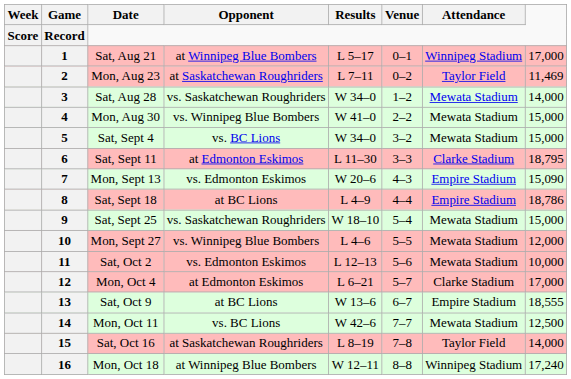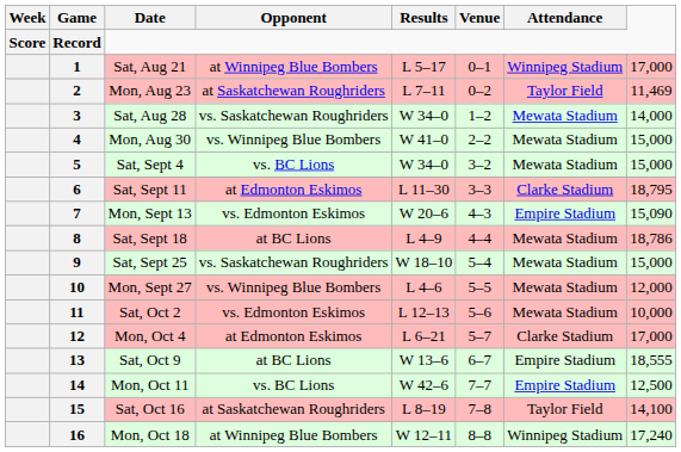 <table class="wikitable" style="text-align:center">
 <tr>
 <th>Week</th>
 <th>Game</th>
 <th>Date</th>
 <th>Opponent</th>
 <th>Results</th>
 <th>Venue</th>
 <th>Attendance</th>
 </tr>
 <tr>
 <th>Score</th>
 <th>Record</th>
 </tr>
 <tr style="background:#ffbbbb">
 <th></th>
 <th>1</th>
 <td>Sat, Aug 21</td>
 <td>at <a href='#'>Winnipeg Blue Bombers</a></td>
 <td>L 5–17</td>
 <td>0–1</td>
 <td><a href='#'>Winnipeg Stadium</a></td>
 <td>17,000</td>
 </tr>
 <tr style="background:#ffbbbb">
 <th></th>
 <th>2</th>
 <td>Mon, Aug 23</td>
 <td>at <a href='#'>Saskatchewan Roughriders</a></td>
 <td>L 7–11</td>
 <td>0–2</td>
 <td><a href='#'>Taylor Field</a></td>
 <td>11,469</td>
 </tr>
 <tr style="background:#ddffdd">
 <th></th>
 <th>3</th>
 <td>Sat, Aug 28</td>
 <td>vs. Saskatchewan Roughriders</td>
 <td>W 34–0</td>
 <td>1–2</td>
 <td><a href='#'>Mewata Stadium</a></td>
 <td>14,000</td>
 </tr>
 <tr style="background:#ddffdd">
 <th></th>
 <th>4</th>
 <td>Mon, Aug 30</td>
 <td>vs. Winnipeg Blue Bombers</td>
 <td>W 41–0</td>
 <td>2–2</td>
 <td>Mewata Stadium</td>
 <td>15,000</td>
 </tr>
 <tr style="background:#ddffdd">
 <th></th>
 <th>5</th>
 <td>Sat, Sept 4</td>
 <td>vs. <a href='#'>BC Lions</a></td>
 <td>W 34–0</td>
 <td>3–2</td>
 <td>Mewata Stadium</td>
 <td>15,000</td>
 </tr>
 <tr style="background:#ffbbbb">
 <th></th>
 <th>6</th>
 <td>Sat, Sept 11</td>
 <td>at <a href='#'>Edmonton Eskimos</a></td>
 <td>L 11–30</td>
 <td>3–3</td>
 <td><a href='#'>Clarke Stadium</a></td>
 <td>18,795</td>
 </tr>
 <tr style="background:#ddffdd">
 <th></th>
 <th>7</th>
 <td>Mon, Sept 13</td>
 <td>vs. Edmonton Eskimos</td>
 <td>W 20–6</td>
 <td>4–3</td>
 <td><a href='#'>Empire Stadium</a></td>
 <td>15,090</td>
 </tr>
 <tr style="background:#ffbbbb">
 <th></th>
 <th>8</th>
 <td>Sat, Sept 18</td>
 <td>at BC Lions</td>
 <td>L 4–9</td>
 <td>4–4</td>
-<td><a href='#'>Empire Stadium</a></td>
+<td>Mewata Stadium</td>
 <td>18,786</td>
 </tr>
 <tr style="background:#ddffdd">
 <th></th>
 <th>9</th>
 <td>Sat, Sept 25</td>
 <td>vs. Saskatchewan Roughriders</td>
 <td>W 18–10</td>
 <td>5–4</td>
 <td>Mewata Stadium</td>
 <td>15,000</td>
 </tr>
 <tr style="background:#ffbbbb">
 <th></th>
 <th>10</th>
 <td>Mon, Sept 27</td>
 <td>vs. Winnipeg Blue Bombers</td>
 <td>L 4–6</td>
 <td>5–5</td>
 <td>Mewata Stadium</td>
 <td>12,000</td>
 </tr>
 <tr style="background:#ffbbbb">
 <th></th>
 <th>11</th>
 <td>Sat, Oct 2</td>
 <td>vs. Edmonton Eskimos</td>
 <td>L 12–13</td>
 <td>5–6</td>
 <td>Mewata Stadium</td>
 <td>10,000</td>
 </tr>
 <tr style="background:#ffbbbb">
 <th></th>
 <th>12</th>
 <td>Mon, Oct 4</td>
 <td>at Edmonton Eskimos</td>
 <td>L 6–21</td>
 <td>5–7</td>
 <td>Clarke Stadium</td>
 <td>17,000</td>
 </tr>
 <tr style="background:#ddffdd">
 <th></th>
 <th>13</th>
 <td>Sat, Oct 9</td>
 <td>at BC Lions</td>
 <td>W 13–6</td>
 <td>6–7</td>
 <td>Empire Stadium</td>
 <td>18,555</td>
 </tr>
 <tr style="background:#ddffdd">
 <th></th>
 <th>14</th>
 <td>Mon, Oct 11</td>
 <td>vs. BC Lions</td>
 <td>W 42–6</td>
 <td>7–7</td>
-<td>Mewata Stadium</td>
+<td><a href='#'>Empire Stadium</a></td>
 <td>12,500</td>
 </tr>
 <tr style="background:#ffbbbb">
 <th></th>
 <th>15</th>
 <td>Sat, Oct 16</td>
 <td>at Saskatchewan Roughriders</td>
 <td>L 8–19</td>
 <td>7–8</td>
 <td>Taylor Field</td>
-<td>14,000</td>
+<td>14,100</td>
 </tr>
 <tr style="background:#ddffdd">
 <th></th>
 <th>16</th>
 <td>Mon, Oct 18</td>
 <td>at Winnipeg Blue Bombers</td>
 <td>W 12–11</td>
 <td>8–8</td>
 <td>Winnipeg Stadium</td>
 <td>17,240</td>
 </tr>
 </table>
